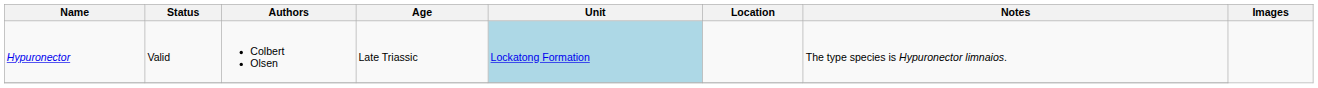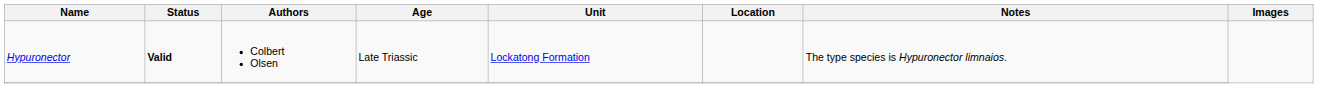 <table class="wikitable sortable" align="center" width="100%">
 <tr>
 <th>Name</th>
 <th>Status</th>
 <th>Authors</th>
 <th>Age</th>
 <th>Unit</th>
 <th>Location</th>
 <th>Notes</th>
 <th>Images</th>
 </tr>
 <tr>
 <td><br><em><a href='#'>Hypuronector</a></em></td>
-<td><br>Valid</td>
+<td><strong><br>Valid</strong></td>
 <td><br><ul><li>Colbert</li><li>Olsen</li></ul></td>
 <td><br>Late Triassic</td>
-<td style="background: lightblue;"><br><a href='#'>Lockatong Formation</a></td>
+<td><br><a href='#'>Lockatong Formation</a></td>
 <td><br></td>
 <td><br>The type species is <em>Hypuronector limnaios</em>.</td>
 <td rowspan="47"></td>
 </tr>
 <tr>
 </tr>
 </table>
